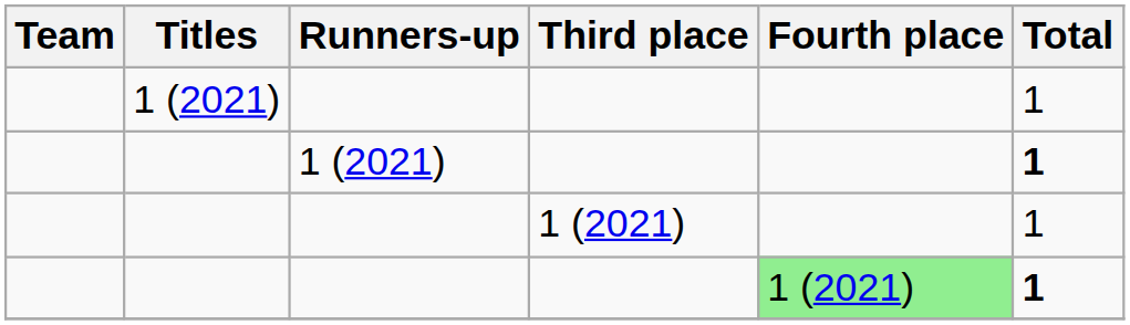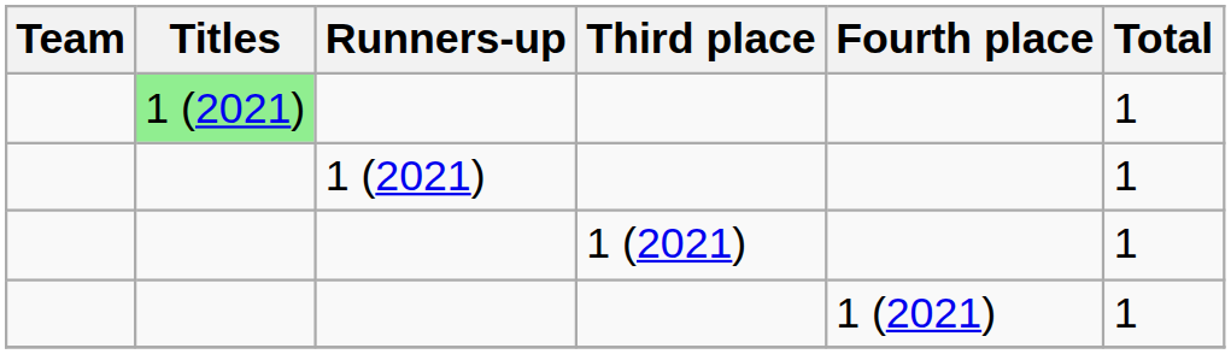 <table class="wikitable sortable">
 <tr>
 <th>Team</th>
 <th>Titles</th>
 <th>Runners-up</th>
 <th>Third place</th>
 <th>Fourth place</th>
 <th>Total</th>
 </tr>
 <tr>
 <td></td>
-<td>1 (<a href='#'>2021</a>)</td>
+<td style="background: lightgreen;">1 (<a href='#'>2021</a>)</td>
 <td></td>
 <td></td>
 <td></td>
 <td>1</td>
 </tr>
 <tr>
 <td></td>
 <td></td>
 <td>1 (<a href='#'>2021</a>)</td>
 <td></td>
 <td></td>
-<td><strong>1</strong></td>
+<td>1</td>
 </tr>
 <tr>
 <td></td>
 <td></td>
 <td></td>
 <td>1 (<a href='#'>2021</a>)</td>
 <td></td>
 <td>1</td>
 </tr>
 <tr>
 <td></td>
 <td></td>
 <td></td>
 <td></td>
-<td style="background: lightgreen;">1 (<a href='#'>2021</a>)</td>
-<td><strong>1</strong></td>
+<td>1 (<a href='#'>2021</a>)</td>
+<td>1</td>
 </tr>
 <tr>
 </tr>
 </table>
